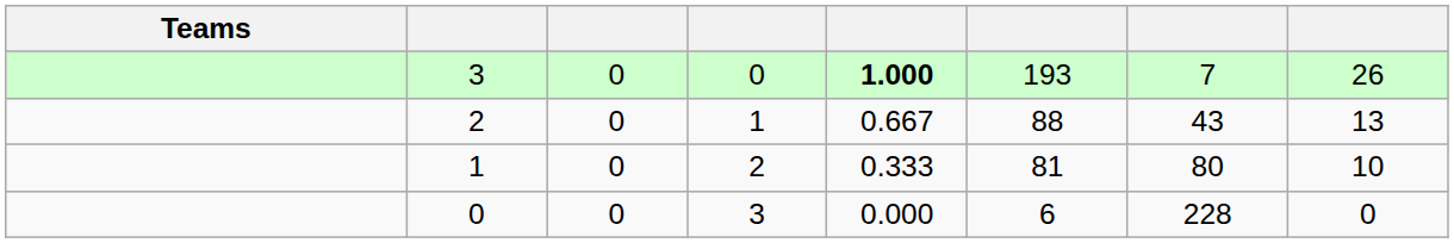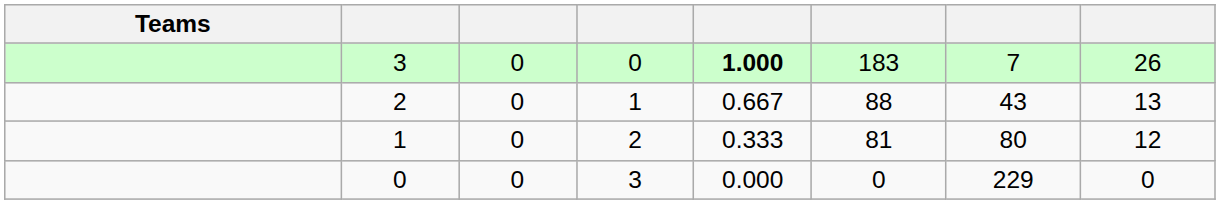 <table class="wikitable" width="50%" style="text-align:center;">
 <tr>
 <th width="20%">Teams</th>
 <th width="7%"></th>
 <th width="7%"></th>
 <th width="7%"></th>
 <th width="7%"></th>
 <th width="8%"></th>
 <th width="8%"></th>
 <th width="8%"></th>
 </tr>
 <tr bgcolor="ccffcc">
 <td align=left></td>
 <td>3</td>
 <td>0</td>
 <td>0</td>
 <td><strong>1.000</strong></td>
-<td>193</td>
+<td>183</td>
 <td>7</td>
 <td>26</td>
 </tr>
 <tr>
 <td align=left></td>
 <td>2</td>
 <td>0</td>
 <td>1</td>
 <td>0.667</td>
 <td>88</td>
 <td>43</td>
 <td>13</td>
 </tr>
 <tr>
 <td align=left></td>
 <td>1</td>
 <td>0</td>
 <td>2</td>
 <td>0.333</td>
 <td>81</td>
 <td>80</td>
-<td>10</td>
+<td>12</td>
 </tr>
 <tr>
 <td align=left></td>
 <td>0</td>
 <td>0</td>
 <td>3</td>
 <td>0.000</td>
-<td>6</td>
-<td>228</td>
+<td>0</td>
+<td>229</td>
 <td>0</td>
 </tr>
 </table>
